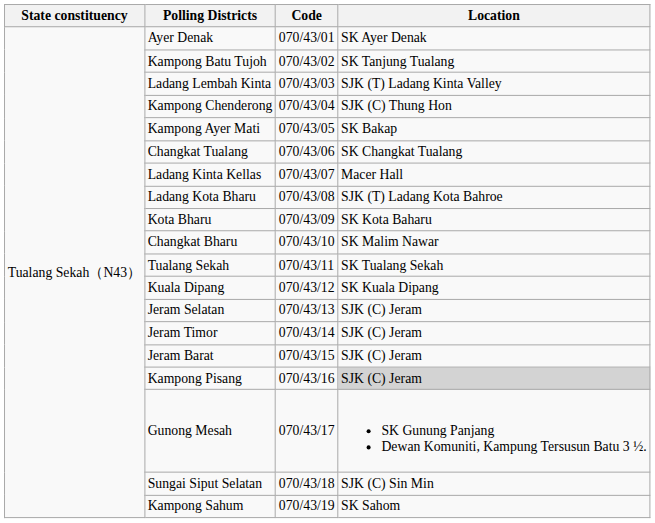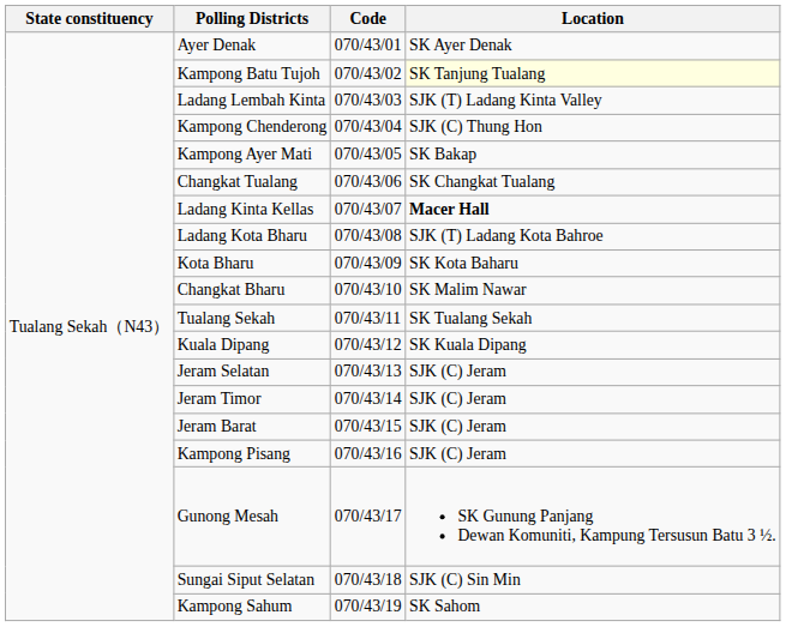 <table class="wikitable sortable mw-collapsible" style="white-space:nowrap;font-size:85%">
 <tr>
 <th>State constituency</th>
 <th>Polling Districts</th>
 <th>Code</th>
 <th>Location</th>
 </tr>
 <tr>
 <td rowspan="19">Tualang Sekah（N43）</td>
 <td>Ayer Denak</td>
 <td>070/43/01</td>
 <td>SK Ayer Denak</td>
 </tr>
 <tr>
 <td>Kampong Batu Tujoh</td>
 <td>070/43/02</td>
-<td>SK Tanjung Tualang</td>
+<td style="background: lightyellow;">SK Tanjung Tualang</td>
 </tr>
 <tr>
 <td>Ladang Lembah Kinta</td>
 <td>070/43/03</td>
 <td>SJK (T) Ladang Kinta Valley</td>
 </tr>
 <tr>
 <td>Kampong Chenderong</td>
 <td>070/43/04</td>
 <td>SJK (C) Thung Hon</td>
 </tr>
 <tr>
 <td>Kampong Ayer Mati</td>
 <td>070/43/05</td>
 <td>SK Bakap</td>
 </tr>
 <tr>
 <td>Changkat Tualang</td>
 <td>070/43/06</td>
 <td>SK Changkat Tualang</td>
 </tr>
 <tr>
 <td>Ladang Kinta Kellas</td>
 <td>070/43/07</td>
-<td>Macer Hall</td>
+<td><strong>Macer Hall</strong></td>
 </tr>
 <tr>
 <td>Ladang Kota Bharu</td>
 <td>070/43/08</td>
 <td>SJK (T) Ladang Kota Bahroe</td>
 </tr>
 <tr>
 <td>Kota Bharu</td>
 <td>070/43/09</td>
 <td>SK Kota Baharu</td>
 </tr>
 <tr>
 <td>Changkat Bharu</td>
 <td>070/43/10</td>
 <td>SK Malim Nawar</td>
 </tr>
 <tr>
 <td>Tualang Sekah</td>
 <td>070/43/11</td>
 <td>SK Tualang Sekah</td>
 </tr>
 <tr>
 <td>Kuala Dipang</td>
 <td>070/43/12</td>
 <td>SK Kuala Dipang</td>
 </tr>
 <tr>
 <td>Jeram Selatan</td>
 <td>070/43/13</td>
 <td>SJK (C) Jeram</td>
 </tr>
 <tr>
 <td>Jeram Timor</td>
 <td>070/43/14</td>
 <td>SJK (C) Jeram</td>
 </tr>
 <tr>
 <td>Jeram Barat</td>
 <td>070/43/15</td>
 <td>SJK (C) Jeram</td>
 </tr>
 <tr>
 <td>Kampong Pisang</td>
 <td>070/43/16</td>
-<td style="background: lightgrey;">SJK (C) Jeram</td>
+<td>SJK (C) Jeram</td>
 </tr>
 <tr>
 <td>Gunong Mesah</td>
 <td>070/43/17</td>
 <td><br><ul><li>SK Gunung Panjang</li><li>Dewan Komuniti, Kampung Tersusun Batu 3 ½.</li></ul></td>
 </tr>
 <tr>
 <td>Sungai Siput Selatan</td>
 <td>070/43/18</td>
 <td>SJK (C) Sin Min</td>
 </tr>
 <tr>
 <td>Kampong Sahum</td>
 <td>070/43/19</td>
 <td>SK Sahom</td>
 </tr>
 </table>
